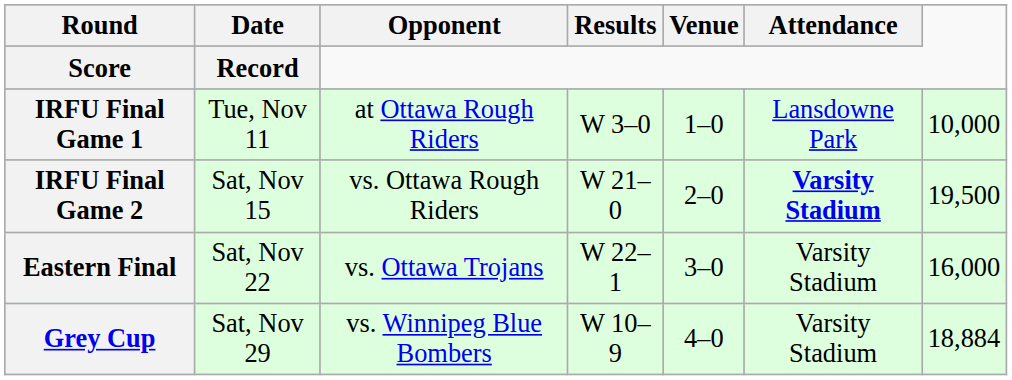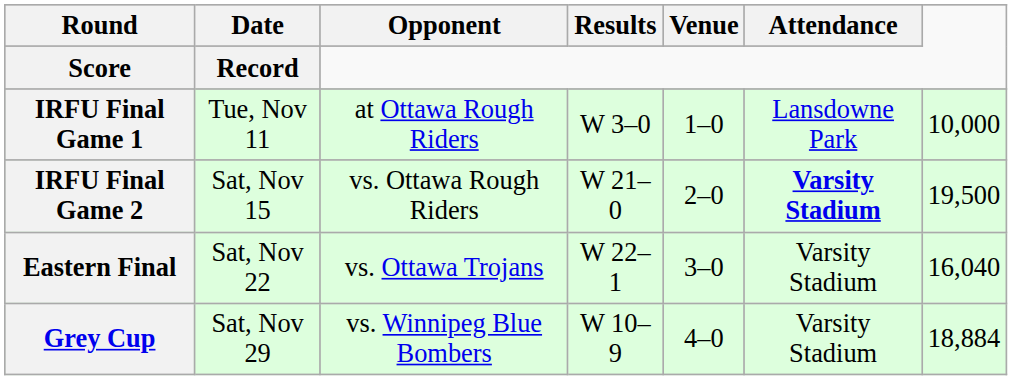 <table class="wikitable" style="text-align:center">
 <tr>
 <th>Round</th>
 <th>Date</th>
 <th>Opponent</th>
 <th>Results</th>
 <th>Venue</th>
 <th>Attendance</th>
 </tr>
 <tr>
 <th>Score</th>
 <th>Record</th>
 </tr>
 <tr style="background:#ddffdd">
 <th>IRFU Final Game 1</th>
 <td>Tue, Nov 11</td>
 <td>at <a href='#'>Ottawa Rough Riders</a></td>
 <td>W 3–0</td>
 <td>1–0</td>
 <td><a href='#'>Lansdowne Park</a></td>
 <td>10,000</td>
 </tr>
 <tr style="background:#ddffdd">
 <th>IRFU Final Game 2</th>
 <td>Sat, Nov 15</td>
 <td>vs. Ottawa Rough Riders</td>
 <td>W 21–0</td>
 <td>2–0</td>
 <td><strong><a href='#'>Varsity Stadium</a></strong></td>
 <td>19,500</td>
 </tr>
 <tr style="background:#ddffdd">
 <th>Eastern Final</th>
 <td>Sat, Nov 22</td>
 <td>vs. <a href='#'>Ottawa Trojans</a></td>
 <td>W 22–1</td>
 <td>3–0</td>
 <td>Varsity Stadium</td>
-<td>16,000</td>
+<td>16,040</td>
 </tr>
 <tr style="background:#ddffdd">
 <th><a href='#'>Grey Cup</a></th>
 <td>Sat, Nov 29</td>
 <td>vs. <a href='#'>Winnipeg Blue Bombers</a></td>
 <td>W 10–9</td>
 <td>4–0</td>
 <td>Varsity Stadium</td>
 <td>18,884</td>
 </tr>
 </table>
